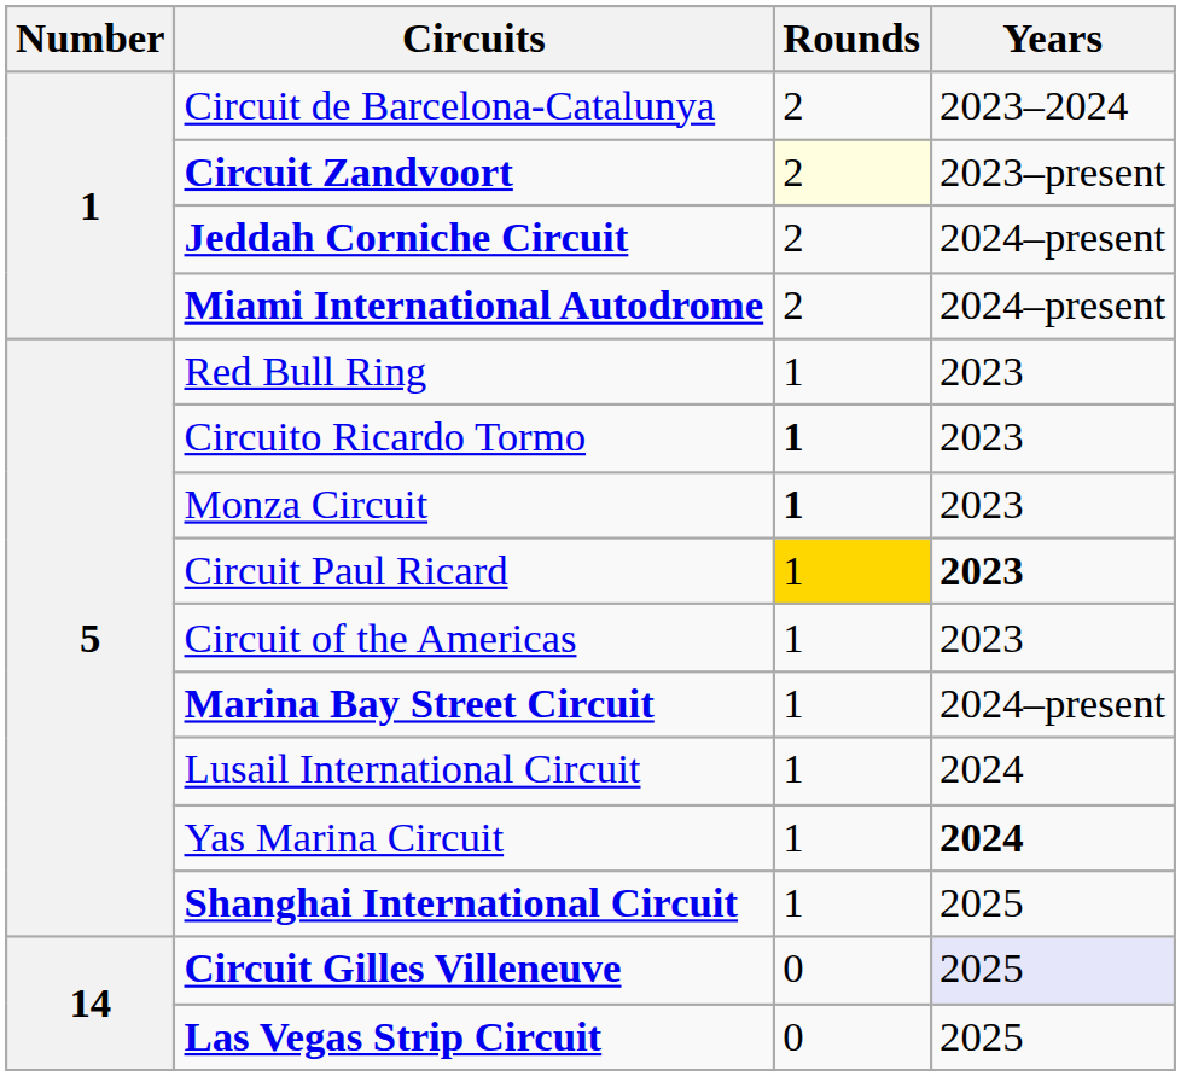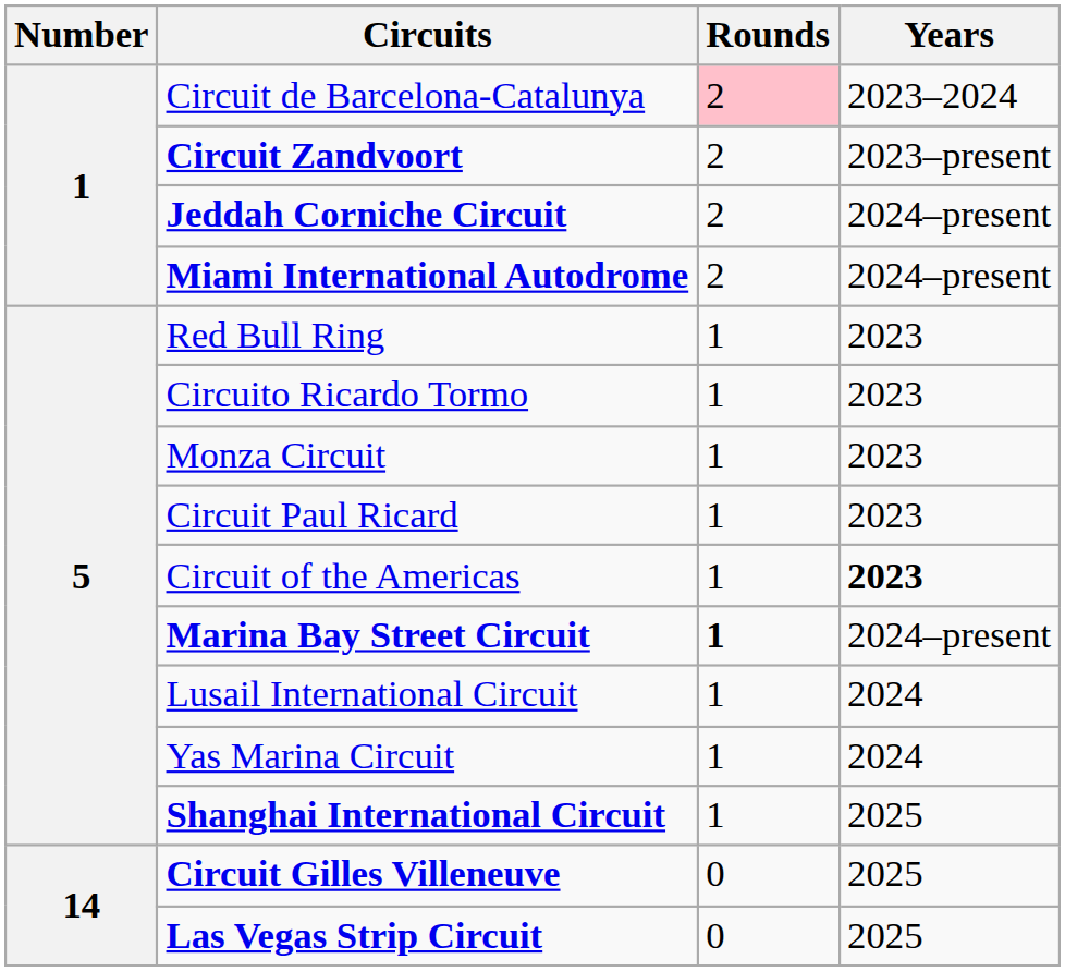 <table class="wikitable" style="text-align=center">
 <tr>
 <th>Number</th>
 <th>Circuits</th>
 <th>Rounds</th>
 <th>Years</th>
 </tr>
 <tr>
 <th rowspan=4>1</th>
 <td> <a href='#'>Circuit de Barcelona-Catalunya</a></td>
-<td>2</td>
+<td style="background: pink;">2</td>
 <td>2023–2024</td>
 </tr>
 <tr>
 <td> <strong><a href='#'>Circuit Zandvoort</a></strong></td>
-<td style="background: lightyellow;">2</td>
+<td>2</td>
 <td>2023–present</td>
 </tr>
 <tr>
 <td> <strong><a href='#'>Jeddah Corniche Circuit</a></strong></td>
 <td>2</td>
 <td>2024–present</td>
 </tr>
 <tr>
 <td> <strong><a href='#'>Miami International Autodrome</a></strong></td>
 <td>2</td>
 <td>2024–present</td>
 </tr>
 <tr>
 <th rowspan=9>5</th>
 <td> <a href='#'>Red Bull Ring</a></td>
 <td>1</td>
 <td>2023</td>
 </tr>
 <tr>
 <td> <a href='#'>Circuito Ricardo Tormo</a></td>
-<td><strong>1</strong></td>
+<td>1</td>
 <td>2023</td>
 </tr>
 <tr>
 <td> <a href='#'>Monza Circuit</a></td>
-<td><strong>1</strong></td>
+<td>1</td>
 <td>2023</td>
 </tr>
 <tr>
 <td> <a href='#'>Circuit Paul Ricard</a></td>
-<td style="background: gold;">1</td>
-<td><strong>2023</strong></td>
+<td>1</td>
+<td>2023</td>
 </tr>
 <tr>
 <td> <a href='#'>Circuit of the Americas</a></td>
 <td>1</td>
-<td>2023</td>
+<td><strong>2023</strong></td>
 </tr>
 <tr>
 <td> <strong><a href='#'>Marina Bay Street Circuit</a></strong></td>
-<td>1</td>
+<td><strong>1</strong></td>
 <td>2024–present</td>
 </tr>
 <tr>
 <td> <a href='#'>Lusail International Circuit</a></td>
 <td>1</td>
 <td>2024</td>
 </tr>
 <tr>
 <td> <a href='#'>Yas Marina Circuit</a></td>
 <td>1</td>
-<td><strong>2024</strong></td>
+<td>2024</td>
 </tr>
 <tr>
 <td> <strong><a href='#'>Shanghai International Circuit</a></strong></td>
 <td>1</td>
 <td>2025</td>
 </tr>
 <tr>
 <th rowspan=2>14</th>
 <td> <strong><a href='#'>Circuit Gilles Villeneuve</a></strong></td>
 <td>0</td>
-<td style="background: lavender;">2025</td>
+<td>2025</td>
 </tr>
 <tr>
 <td> <strong><a href='#'>Las Vegas Strip Circuit</a></strong></td>
 <td>0</td>
 <td>2025</td>
 </tr>
 <tr>
 </tr>
 </table>
